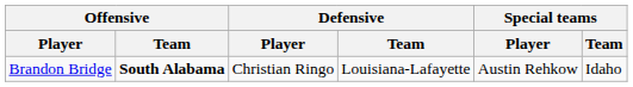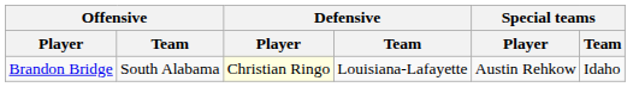 <table class="wikitable">
 <tr>
 <th colspan="2">Offensive</th>
 <th colspan="2">Defensive</th>
 <th colspan="2">Special teams</th>
 </tr>
 <tr>
 <th>Player</th>
 <th>Team</th>
 <th>Player</th>
 <th>Team</th>
 <th>Player</th>
 <th>Team</th>
 </tr>
 <tr>
 <td><a href='#'>Brandon Bridge</a></td>
-<td><strong>South Alabama</strong></td>
-<td>Christian Ringo</td>
+<td>South Alabama</td>
+<td style="background: lightyellow;">Christian Ringo</td>
 <td>Louisiana-Lafayette</td>
 <td>Austin Rehkow</td>
 <td>Idaho</td>
 </tr>
 </table>
